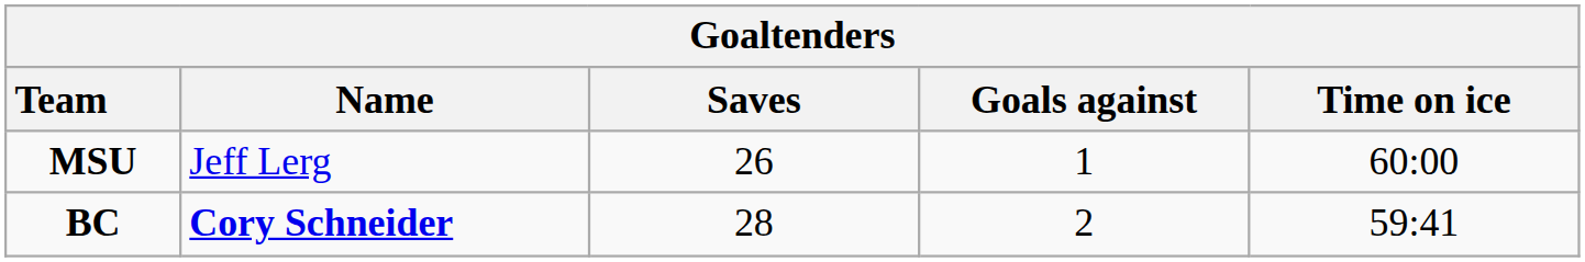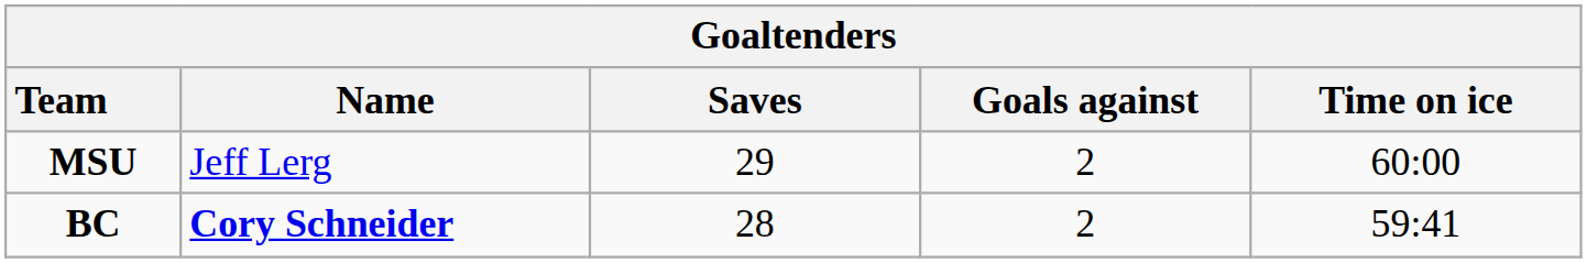 <table class="wikitable" style="width:40em; text-align:right;">
 <tr>
 <th colspan=5>Goaltenders</th>
 </tr>
 <tr>
 <th style="width:4em; text-align:left;">Team</th>
 <th style="width:10em;">Name</th>
 <th style="width:8em;">Saves</th>
 <th style="width:8em;">Goals against</th>
 <th style="width:8em;">Time on ice</th>
 </tr>
 <tr>
 <td align=center><strong>MSU</strong></td>
 <td style="text-align:left;"><a href='#'>Jeff Lerg</a></td>
-<td align=center>26</td>
-<td align=center>1</td>
+<td align=center>29</td>
+<td align=center>2</td>
 <td align=center>60:00</td>
 </tr>
 <tr>
 <td align=center><strong>BC</strong></td>
 <td style="text-align:left;"><strong><a href='#'>Cory Schneider</a></strong></td>
 <td align=center>28</td>
 <td align=center>2</td>
 <td align=center>59:41</td>
 </tr>
 </table>
